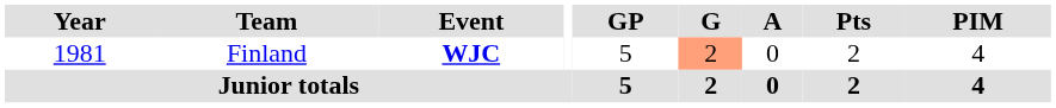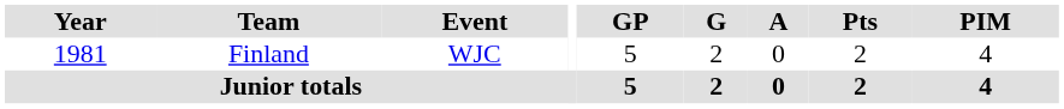 <table border="0" cellpadding="1" cellspacing="0" ID="Table3" style="text-align:center; width:40em">
 <tr bgcolor="#e0e0e0">
 <th>Year</th>
 <th>Team</th>
 <th>Event</th>
 <th rowspan="102" bgcolor="#ffffff"></th>
 <th>GP</th>
 <th>G</th>
 <th>A</th>
 <th>Pts</th>
 <th>PIM</th>
 </tr>
 <tr>
 <td><a href='#'>1981</a></td>
 <td><a href='#'>Finland</a></td>
-<td><strong><a href='#'>WJC</a></strong></td>
+<td><a href='#'>WJC</a></td>
 <td>5</td>
-<td style="background: lightsalmon;">2</td>
+<td>2</td>
 <td>0</td>
 <td>2</td>
 <td>4</td>
 </tr>
 <tr bgcolor="#e0e0e0">
 <th colspan="4">Junior totals</th>
 <th>5</th>
 <th>2</th>
 <th>0</th>
 <th>2</th>
 <th>4</th>
 </tr>
 </table>
